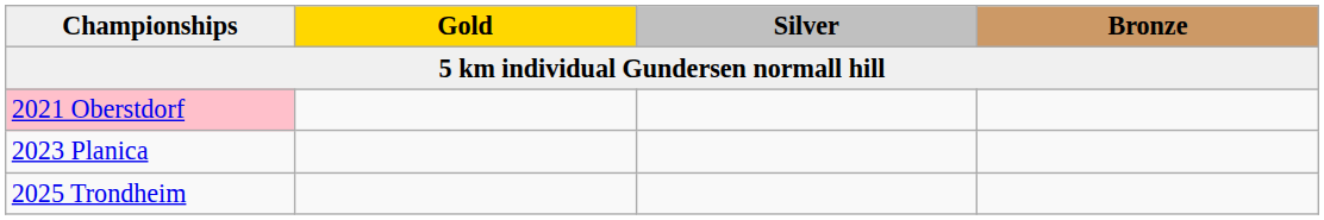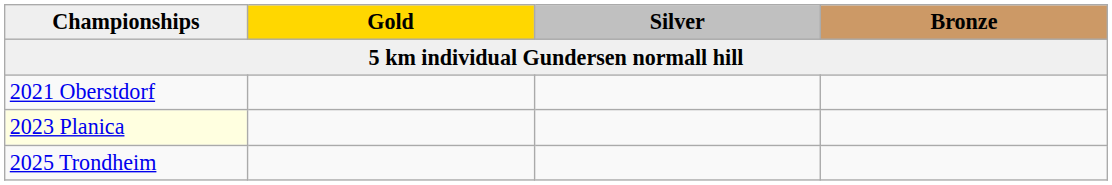 <table class="wikitable sortable" style="width:800px;">
 <tr>
 <th style="width:22%; background:#efefef;">Championships</th>
 <th style="width:26%; background:gold">Gold</th>
 <th style="width:26%; background:silver">Silver</th>
 <th style="width:26%; background:#CC9966">Bronze</th>
 </tr>
 <tr>
 <td colspan=4 align=center bgcolor=F0F0F0><strong>5 km individual Gundersen normall hill</strong></td>
 </tr>
 <tr>
-<td style="background: pink;"><a href='#'>2021 Oberstdorf</a></td>
+<td><a href='#'>2021 Oberstdorf</a></td>
 <td></td>
 <td></td>
 <td></td>
 </tr>
 <tr>
-<td><a href='#'>2023 Planica</a></td>
+<td style="background: lightyellow;"><a href='#'>2023 Planica</a></td>
 <td></td>
 <td></td>
 <td></td>
 </tr>
 <tr>
 <td><a href='#'>2025 Trondheim</a></td>
 <td></td>
 <td></td>
 <td></td>
 </tr>
 </table>
